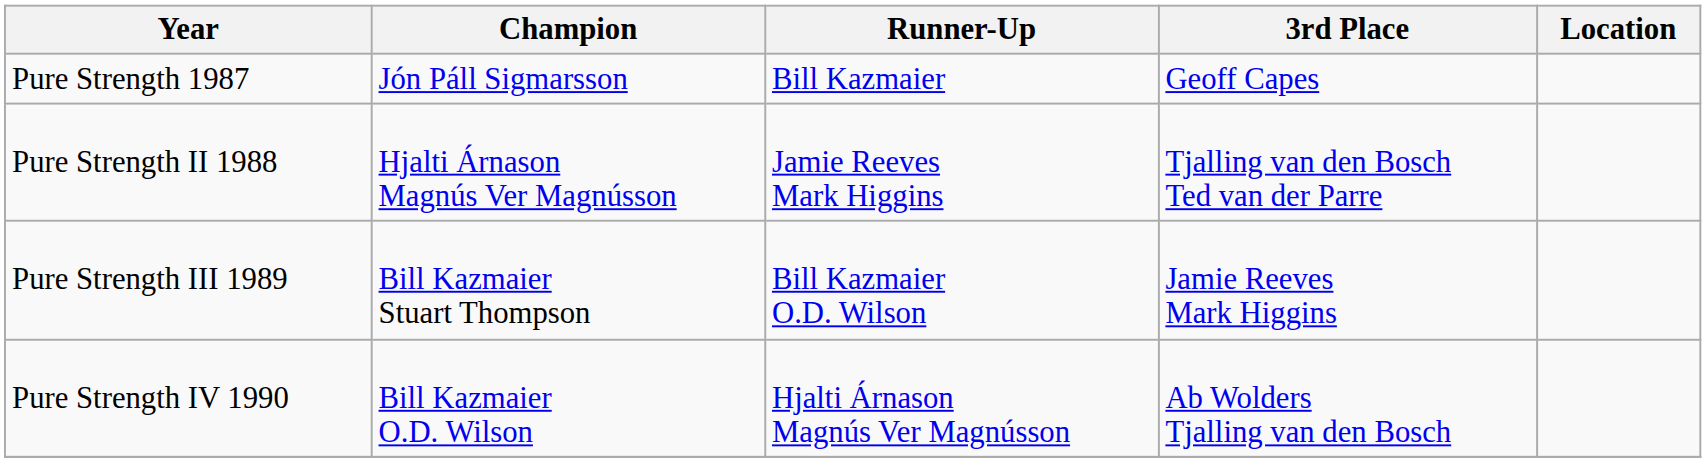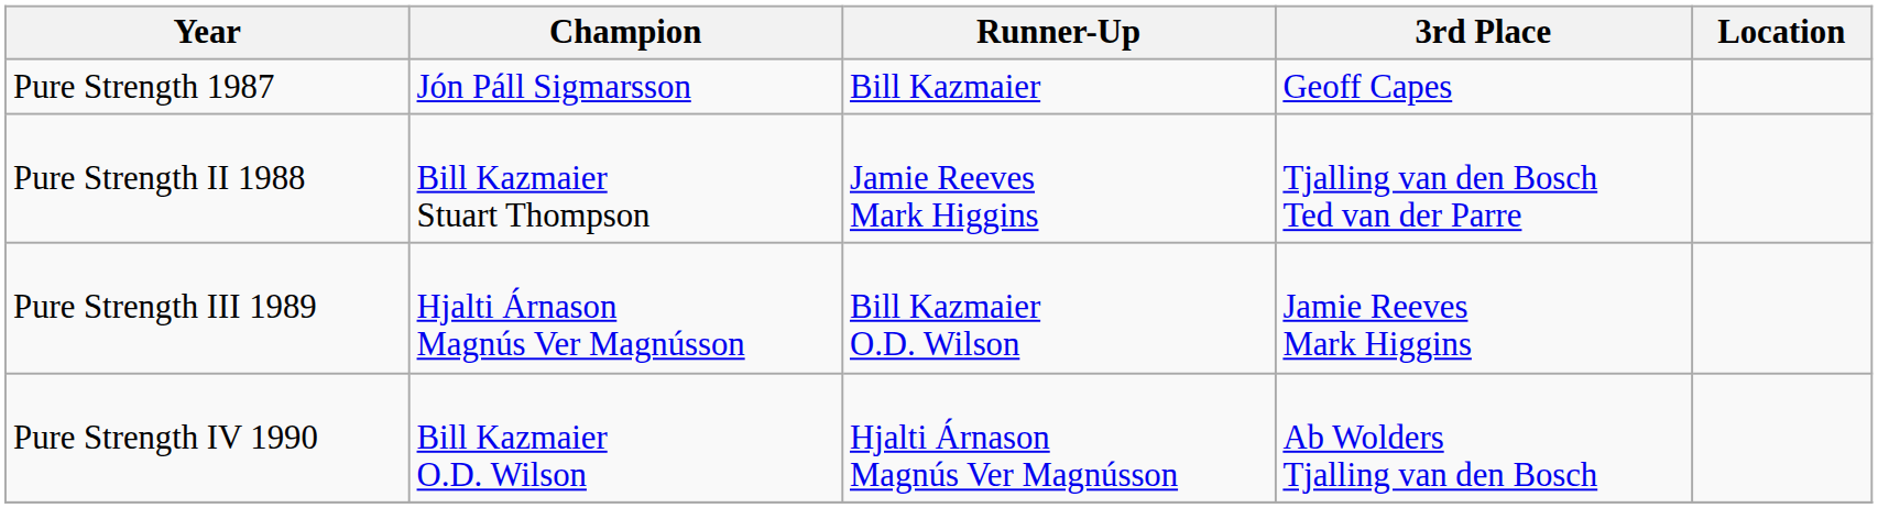 <table class="wikitable sortable" style="display: inline-table;width: 100%;">
 <tr>
 <th>Year</th>
 <th>Champion</th>
 <th>Runner-Up</th>
 <th>3rd Place</th>
 <th>Location</th>
 </tr>
 <tr>
 <td>Pure Strength 1987</td>
 <td> <a href='#'>Jón Páll Sigmarsson</a></td>
 <td> <a href='#'>Bill Kazmaier</a></td>
 <td> <a href='#'>Geoff Capes</a></td>
 <td> </td>
 </tr>
 <tr>
 <td>Pure Strength II 1988</td>
-<td><br><a href='#'>Hjalti Árnason</a><br><a href='#'>Magnús Ver Magnússon</a></td>
+<td><br><a href='#'>Bill Kazmaier</a><br>Stuart Thompson</td>
 <td><br><a href='#'>Jamie Reeves</a><br><a href='#'>Mark Higgins</a></td>
 <td><br><a href='#'>Tjalling van den Bosch</a><br><a href='#'>Ted van der Parre</a></td>
 <td> </td>
 </tr>
 <tr>
 <td>Pure Strength III 1989</td>
-<td><br><a href='#'>Bill Kazmaier</a><br>Stuart Thompson</td>
+<td><br><a href='#'>Hjalti Árnason</a><br><a href='#'>Magnús Ver Magnússon</a></td>
 <td><br><a href='#'>Bill Kazmaier</a><br><a href='#'>O.D. Wilson</a></td>
 <td><br><a href='#'>Jamie Reeves</a><br><a href='#'>Mark Higgins</a></td>
 <td> </td>
 </tr>
 <tr>
 <td>Pure Strength IV 1990</td>
 <td><br><a href='#'>Bill Kazmaier</a><br><a href='#'>O.D. Wilson</a></td>
 <td><br><a href='#'>Hjalti Árnason</a><br><a href='#'>Magnús Ver Magnússon</a></td>
 <td><br><a href='#'>Ab Wolders</a><br><a href='#'>Tjalling van den Bosch</a></td>
 <td> </td>
 </tr>
 <tr>
 </tr>
 </table>
